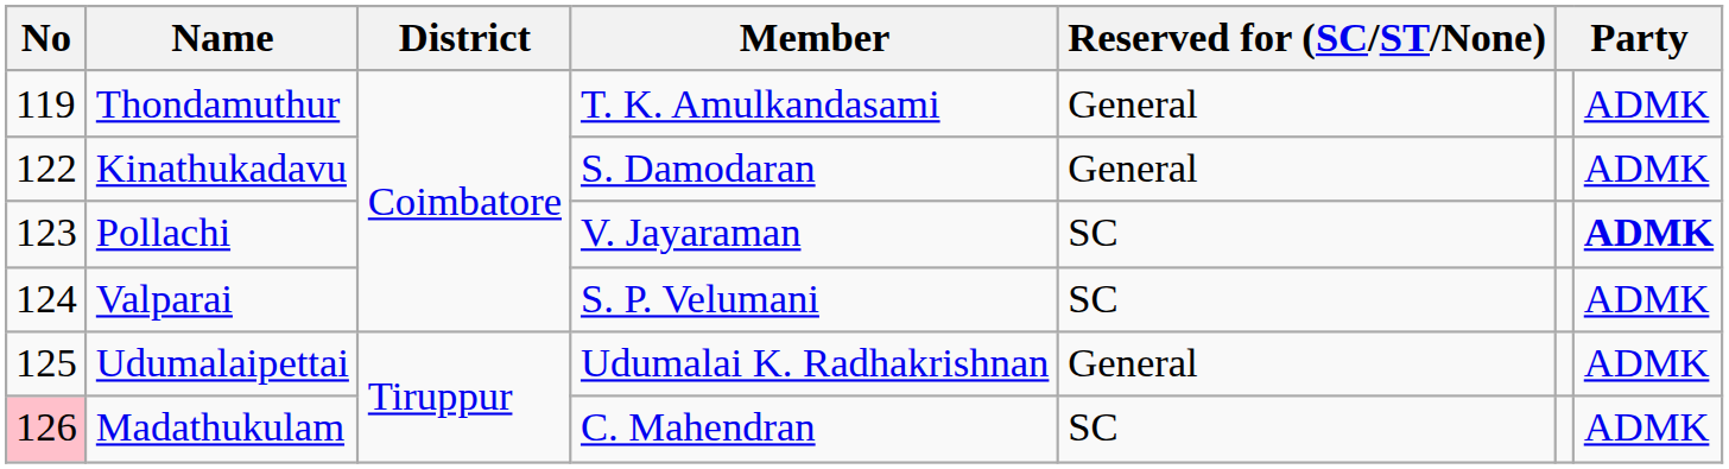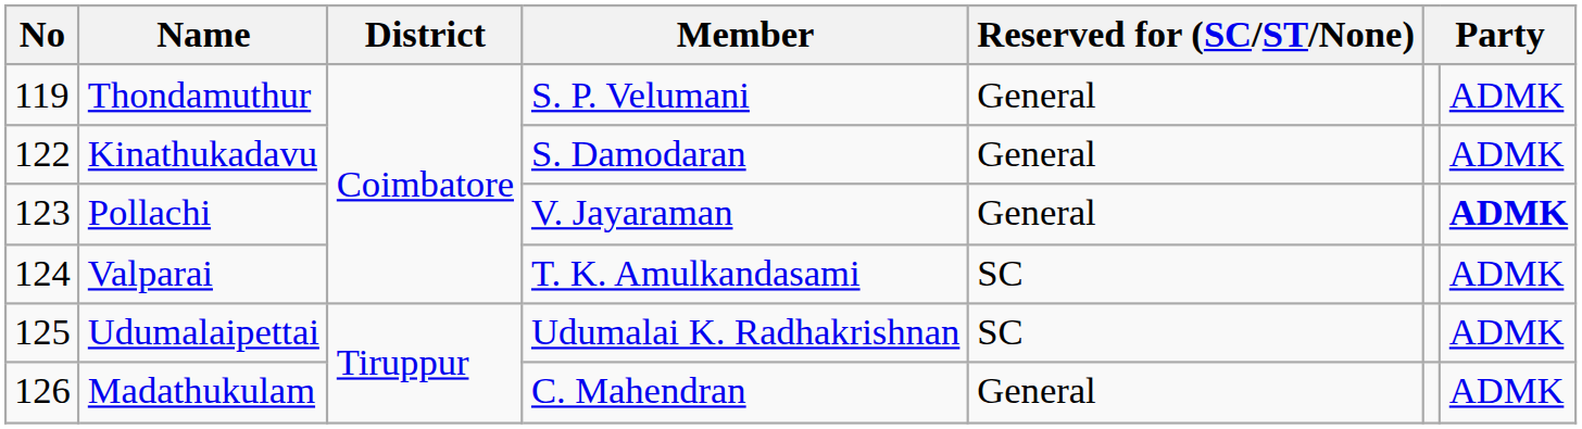 <table class="wikitable">
 <tr>
 <th>No</th>
 <th>Name</th>
 <th>District</th>
 <th>Member</th>
 <th>Reserved for (<a href='#'>SC</a>/<a href='#'>ST</a>/None)</th>
 <th colspan="2">Party</th>
 </tr>
 <tr>
 <td>119</td>
 <td><a href='#'>Thondamuthur</a></td>
 <td rowspan="4"><a href='#'>Coimbatore</a></td>
-<td><a href='#'>T. K. Amulkandasami</a></td>
+<td><a href='#'>S. P. Velumani</a></td>
 <td>General</td>
 <td style="background-color: "></td>
 <td><a href='#'>ADMK</a></td>
 </tr>
 <tr>
 <td>122</td>
 <td><a href='#'>Kinathukadavu</a></td>
 <td><a href='#'>S. Damodaran</a></td>
 <td>General</td>
 <td style="background-color: "></td>
 <td><a href='#'>ADMK</a></td>
 </tr>
 <tr>
 <td>123</td>
 <td><a href='#'>Pollachi</a></td>
 <td><a href='#'>V. Jayaraman</a></td>
-<td>SC</td>
+<td>General</td>
 <td style="background-color: "></td>
 <td><strong><a href='#'>ADMK</a></strong></td>
 </tr>
 <tr>
 <td>124</td>
 <td><a href='#'>Valparai</a></td>
-<td><a href='#'>S. P. Velumani</a></td>
+<td><a href='#'>T. K. Amulkandasami</a></td>
 <td>SC</td>
 <td style="background-color: "></td>
 <td><a href='#'>ADMK</a></td>
 </tr>
 <tr>
 <td>125</td>
 <td><a href='#'>Udumalaipettai</a></td>
 <td rowspan="2"><a href='#'>Tiruppur</a></td>
 <td><a href='#'>Udumalai K. Radhakrishnan</a></td>
+<td>SC</td>
+<td style="background-color: "></td>
+<td><a href='#'>ADMK</a></td>
+</tr>
+<tr>
+<td>126</td>
+<td><a href='#'>Madathukulam</a></td>
+<td><a href='#'>C. Mahendran</a></td>
 <td>General</td>
 <td style="background-color: "></td>
 <td><a href='#'>ADMK</a></td>
 </tr>
-<tr>
-<td style="background: pink;">126</td>
-<td><a href='#'>Madathukulam</a></td>
-<td><a href='#'>C. Mahendran</a></td>
-<td>SC</td>
-<td style="background-color: "></td>
-<td><a href='#'>ADMK</a></td>
-</tr>
 </table>
